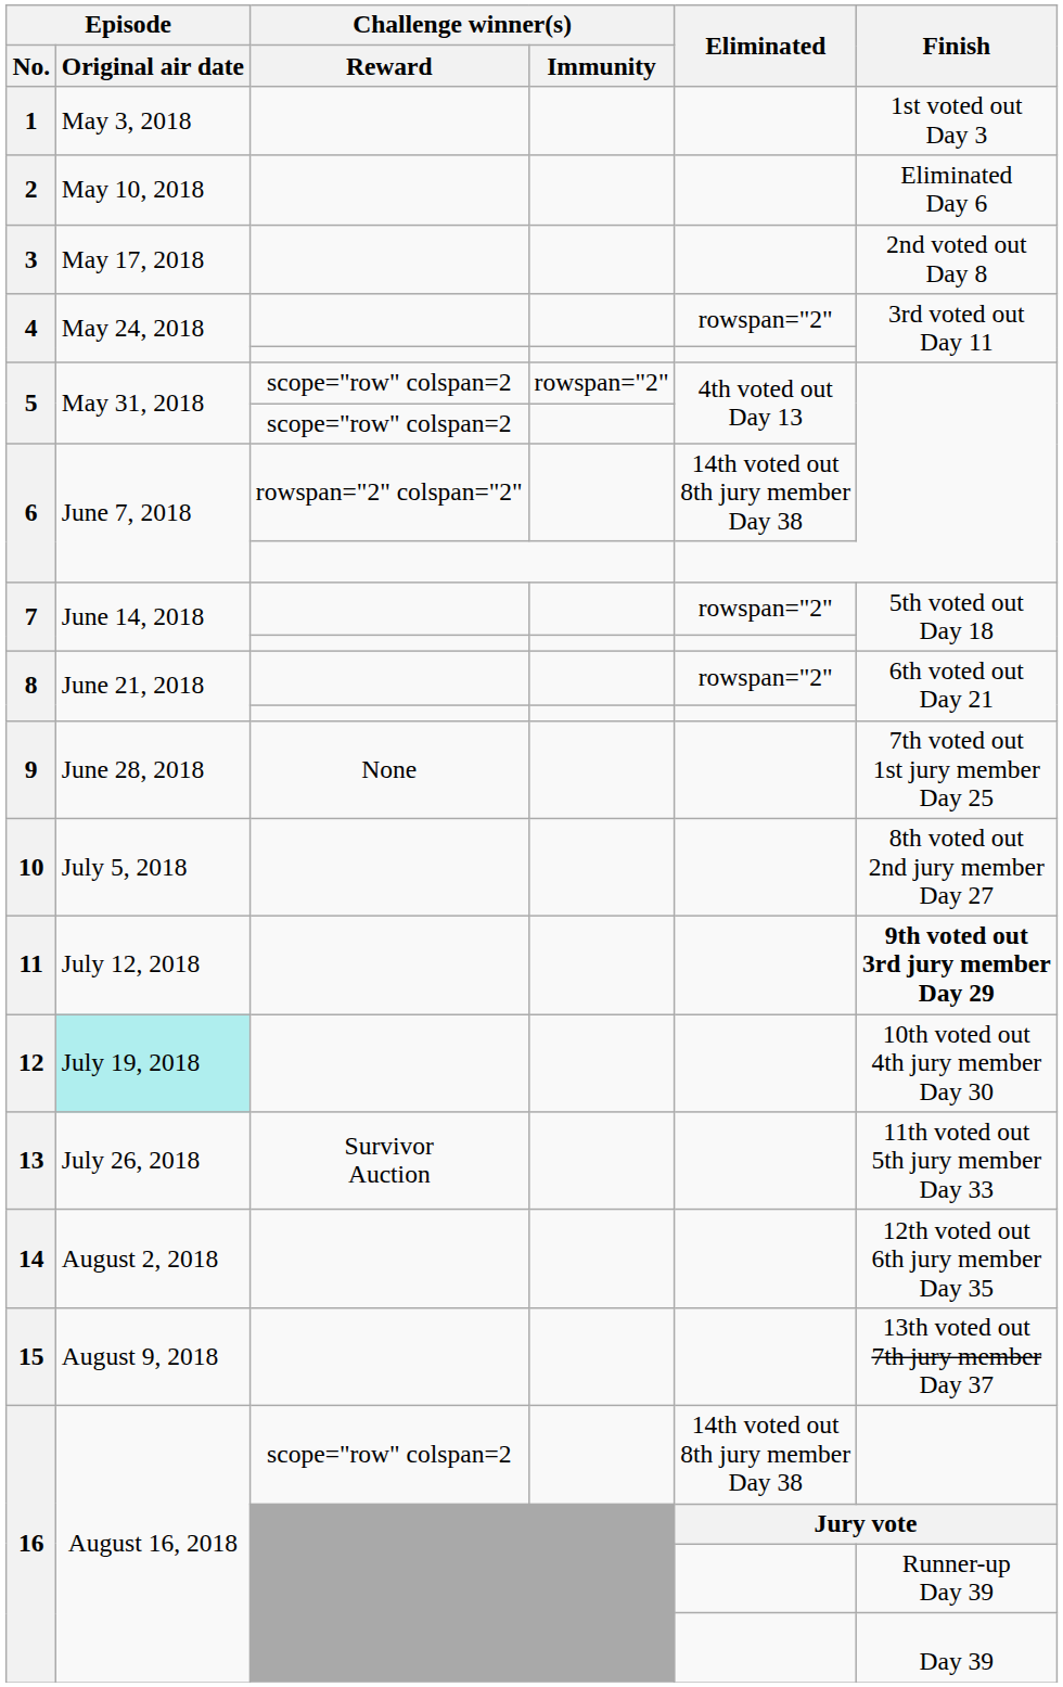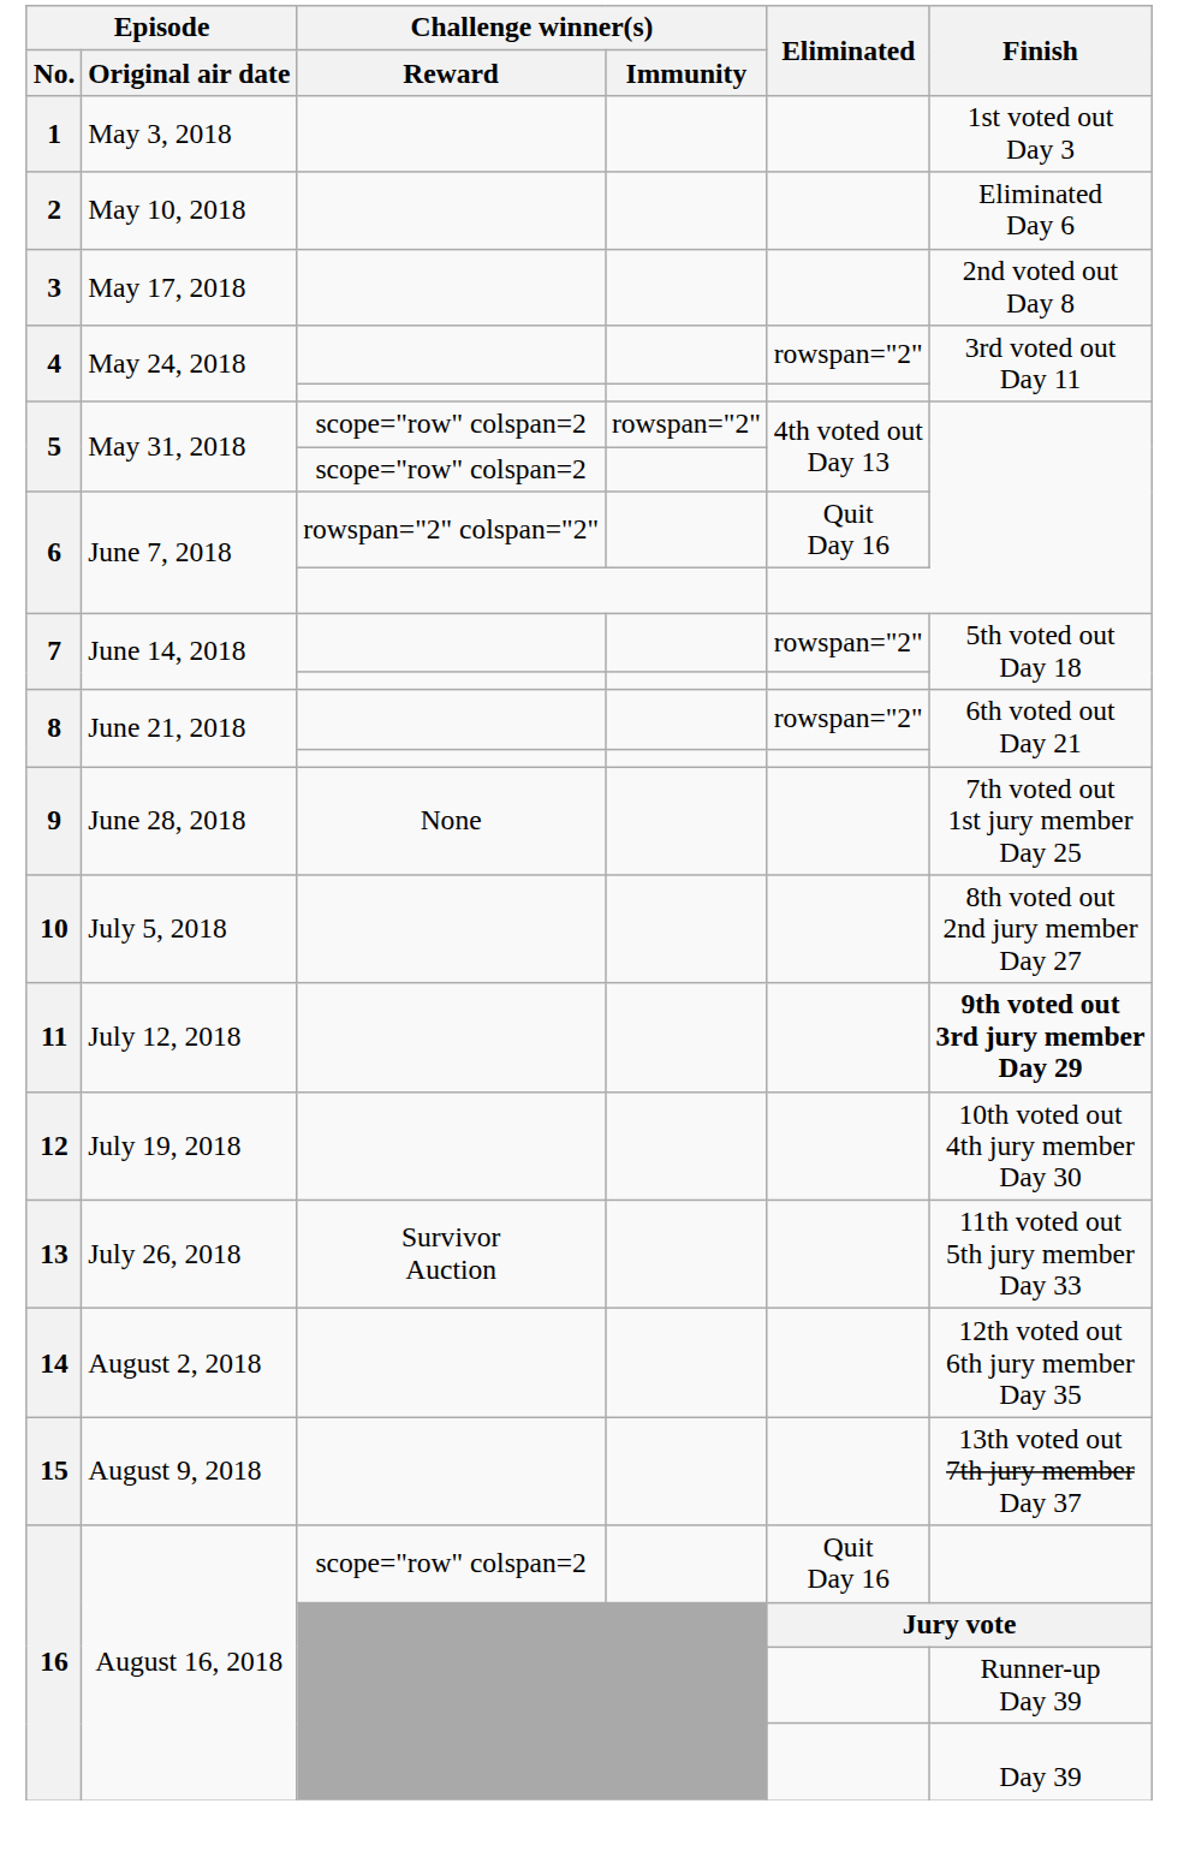 <table class="wikitable" style="margin:auto; text-align:center">
 <tr>
 <th colspan=2>Episode</th>
 <th colspan=2>Challenge winner(s)</th>
 <th rowspan=2>Eliminated</th>
 <th rowspan=2>Finish</th>
 </tr>
 <tr>
 <th>No.</th>
 <th>Original air date</th>
 <th>Reward</th>
 <th>Immunity</th>
 </tr>
 <tr>
 <th>1</th>
 <td align="left">May 3, 2018</td>
 <td></td>
 <td></td>
 <td></td>
 <td>1st voted out<br>Day 3</td>
 </tr>
 <tr>
 <th>2</th>
 <td align="left">May 10, 2018</td>
 <td></td>
 <td></td>
 <td></td>
 <td>Eliminated<br>Day 6</td>
 </tr>
 <tr>
 <th>3</th>
 <td align="left">May 17, 2018</td>
 <td></td>
 <td></td>
 <td></td>
 <td>2nd voted out<br>Day 8</td>
 </tr>
 <tr>
 <th rowspan="2">4</th>
 <td rowspan="2" align="left">May 24, 2018</td>
 <td></td>
 <td></td>
 <td>rowspan="2" </td>
 <td rowspan="2">3rd voted out<br>Day 11</td>
 </tr>
 <tr>
 <td></td>
 <td></td>
 </tr>
 <tr>
 <th rowspan="2">5</th>
 <td rowspan="2" align="left">May 31, 2018</td>
 <td>scope="row" colspan=2 </td>
 <td>rowspan="2" </td>
 <td rowspan="2">4th voted out<br>Day 13</td>
 </tr>
 <tr>
 <td>scope="row" colspan=2 </td>
 </tr>
 <tr>
 <th rowspan="2">6</th>
 <td rowspan="2" align="left">June 7, 2018</td>
 <td>rowspan="2" colspan="2" </td>
 <td></td>
-<td>14th voted out<br>8th jury member<br>Day 38</td>
+<td>Quit<br>Day 16</td>
 </tr>
 <tr>
 <td colspan="2"><small><em><br></em></small></td>
 </tr>
 <tr>
 <th rowspan="2">7</th>
 <td rowspan="2" align="left">June 14, 2018</td>
 <td></td>
 <td></td>
 <td>rowspan="2" </td>
 <td rowspan="2">5th voted out<br>Day 18</td>
 </tr>
 <tr>
 <td></td>
 <td></td>
 </tr>
 <tr>
 <th rowspan="2">8</th>
 <td rowspan="2" align="left">June 21, 2018</td>
 <td></td>
 <td></td>
 <td>rowspan="2" </td>
 <td rowspan="2">6th voted out<br>Day 21</td>
 </tr>
 <tr>
 <td></td>
 <td></td>
 </tr>
 <tr>
 <th>9</th>
 <td align="left">June 28, 2018</td>
 <td>None</td>
 <td></td>
 <td></td>
 <td>7th voted out<br>1st jury member<br>Day 25</td>
 </tr>
 <tr>
 <th>10</th>
 <td align="left">July 5, 2018</td>
 <td></td>
 <td></td>
 <td></td>
 <td>8th voted out<br>2nd jury member<br>Day 27</td>
 </tr>
 <tr>
 <th>11</th>
 <td align="left">July 12, 2018</td>
 <td></td>
 <td></td>
 <td></td>
 <td><strong>9th voted out<br>3rd jury member<br>Day 29</strong></td>
 </tr>
 <tr>
 <th>12</th>
-<td align="left" style="background: paleturquoise;">July 19, 2018</td>
+<td align="left">July 19, 2018</td>
 <td></td>
 <td></td>
 <td></td>
 <td>10th voted out<br>4th jury member<br>Day 30</td>
 </tr>
 <tr>
 <th>13</th>
 <td align="left">July 26, 2018</td>
 <td>Survivor<br>Auction</td>
 <td></td>
 <td></td>
 <td>11th voted out<br>5th jury member<br>Day 33</td>
 </tr>
 <tr>
 <th>14</th>
 <td align="left">August 2, 2018</td>
 <td></td>
 <td></td>
 <td></td>
 <td>12th voted out<br>6th jury member<br>Day 35</td>
 </tr>
 <tr>
 <th>15</th>
 <td align="left">August 9, 2018</td>
 <td></td>
 <td></td>
 <td></td>
 <td>13th voted out<br><s>7th jury member</s><br>Day 37</td>
 </tr>
 <tr>
 <th rowspan="4">16</th>
 <td rowspan="4">August 16, 2018</td>
 <td>scope="row" colspan=2 </td>
 <td></td>
-<td>14th voted out<br>8th jury member<br>Day 38</td>
+<td>Quit<br>Day 16</td>
 </tr>
 <tr>
 <td rowspan="3" colspan="2" bgcolor="darkgray"></td>
 <th colspan="2"><strong>Jury vote</strong></th>
 </tr>
 <tr>
 <td></td>
 <td>Runner-up<br>Day 39</td>
 </tr>
 <tr>
 <td></td>
 <td><br>Day 39</td>
 </tr>
 </table>
